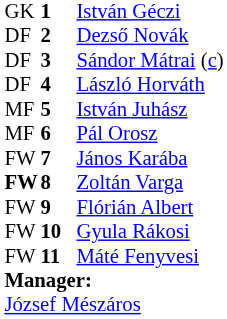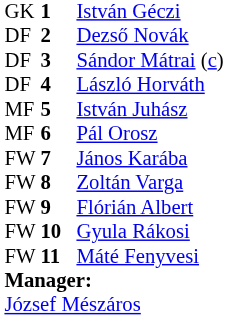 <table style="font-size:90%; margin:0.2em auto;" cellspacing="0" cellpadding="0">
 <tr>
 <th width="25"></th>
 <th width="25"></th>
 </tr>
 <tr>
 <td>GK</td>
 <td><strong>1</strong></td>
 <td> <a href='#'>István Géczi</a></td>
 </tr>
 <tr>
 <td>DF</td>
 <td><strong>2</strong></td>
 <td> <a href='#'>Dezső Novák</a></td>
 </tr>
 <tr>
 <td>DF</td>
 <td><strong>3</strong></td>
 <td> <a href='#'>Sándor Mátrai</a> (<a href='#'>c</a>)</td>
 </tr>
 <tr>
 <td>DF</td>
 <td><strong>4</strong></td>
 <td> <a href='#'>László Horváth</a></td>
 </tr>
 <tr>
 <td>MF</td>
 <td><strong>5</strong></td>
 <td> <a href='#'>István Juhász</a></td>
 </tr>
 <tr>
 <td>MF</td>
 <td><strong>6</strong></td>
 <td> <a href='#'>Pál Orosz</a></td>
 </tr>
 <tr>
 <td>FW</td>
 <td><strong>7</strong></td>
 <td> <a href='#'>János Karába</a></td>
 </tr>
 <tr>
-<td><strong>FW</strong></td>
+<td>FW</td>
 <td><strong>8</strong></td>
 <td> <a href='#'>Zoltán Varga</a></td>
 </tr>
 <tr>
 <td>FW</td>
 <td><strong>9</strong></td>
 <td> <a href='#'>Flórián Albert</a></td>
 </tr>
 <tr>
 <td>FW</td>
 <td><strong>10</strong></td>
 <td> <a href='#'>Gyula Rákosi</a></td>
 </tr>
 <tr>
 <td>FW</td>
 <td><strong>11</strong></td>
 <td> <a href='#'>Máté Fenyvesi</a></td>
 </tr>
 <tr>
 <td colspan=3><strong>Manager:</strong></td>
 </tr>
 <tr>
 <td colspan=4> <a href='#'>József Mészáros</a></td>
 </tr>
 </table>
